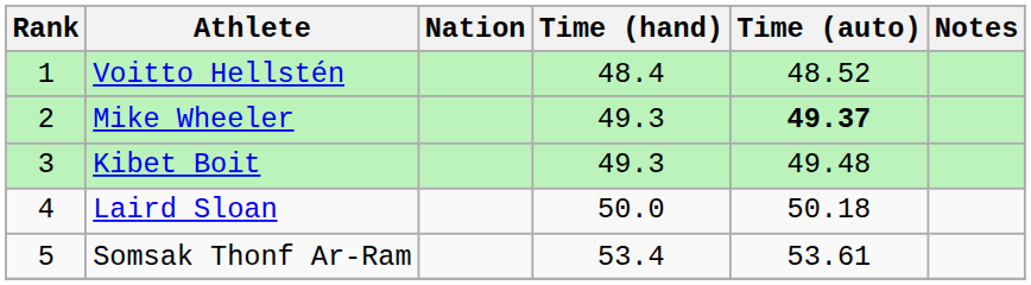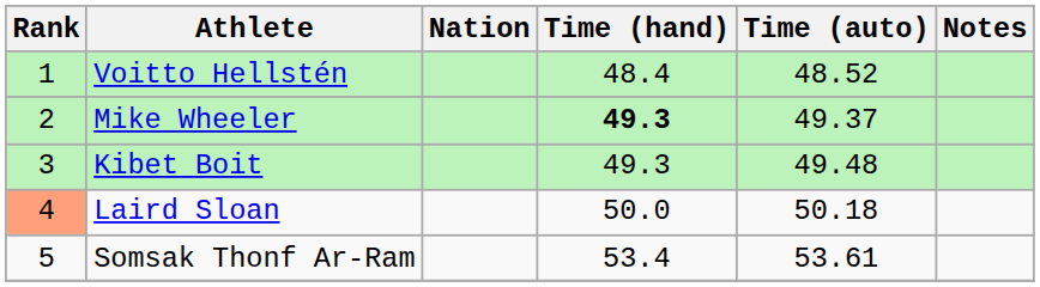 <table class="wikitable sortable" style="text-align:center">
 <tr>
 <th>Rank</th>
 <th>Athlete</th>
 <th>Nation</th>
 <th>Time (hand)</th>
 <th>Time (auto)</th>
 <th>Notes</th>
 </tr>
 <tr bgcolor=bbf3bb>
 <td>1</td>
 <td align=left><a href='#'>Voitto Hellstén</a></td>
 <td align=left></td>
 <td>48.4</td>
 <td>48.52</td>
 <td></td>
 </tr>
 <tr bgcolor=bbf3bb>
 <td>2</td>
 <td align=left><a href='#'>Mike Wheeler</a></td>
 <td align=left></td>
-<td>49.3</td>
-<td><strong>49.37</strong></td>
+<td><strong>49.3</strong></td>
+<td>49.37</td>
 <td></td>
 </tr>
 <tr bgcolor=bbf3bb>
 <td>3</td>
 <td align=left><a href='#'>Kibet Boit</a></td>
 <td align=left></td>
 <td>49.3</td>
 <td>49.48</td>
 <td></td>
 </tr>
 <tr>
-<td>4</td>
+<td style="background: lightsalmon;">4</td>
 <td align=left><a href='#'>Laird Sloan</a></td>
 <td align=left></td>
 <td>50.0</td>
 <td>50.18</td>
 <td></td>
 </tr>
 <tr>
 <td>5</td>
 <td align=left>Somsak Thonf Ar-Ram</td>
 <td align=left></td>
 <td>53.4</td>
 <td>53.61</td>
 <td></td>
 </tr>
 <tr>
 </tr>
 </table>
